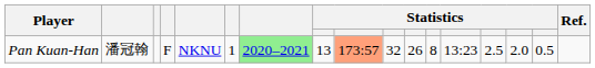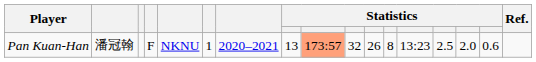 <table class="wikitable sortable" style="font-size:95%; text-align:right;">
 <tr>
 <th rowspan="2">Player</th>
 <th rowspan="2"></th>
 <th rowspan="2"></th>
 <th rowspan="2"></th>
 <th rowspan="2"></th>
 <th rowspan="2"></th>
 <th rowspan="2"></th>
 <th colspan="9">Statistics</th>
 <th rowspan="2">Ref.</th>
 </tr>
 <tr>
 <th></th>
 <th></th>
 <th></th>
 <th></th>
 <th></th>
 <th></th>
 <th></th>
 <th></th>
 <th></th>
 </tr>
 <tr>
 <td align="left"><em>Pan Kuan-Han</em></td>
 <td align="left">潘冠翰</td>
 <td align="center"></td>
 <td align="center">F</td>
 <td align="left"><a href='#'>NKNU</a></td>
 <td align="center">1</td>
-<td align="center" style="background: lightgreen;"><a href='#'>2020–2021</a></td>
+<td align="center"><a href='#'>2020–2021</a></td>
 <td>13</td>
 <td style="background: lightsalmon;">173:57</td>
 <td>32</td>
 <td>26</td>
 <td>8</td>
 <td>13:23</td>
 <td>2.5</td>
 <td>2.0</td>
-<td>0.5</td>
+<td>0.6</td>
 <td align="center"></td>
 </tr>
 </table>
